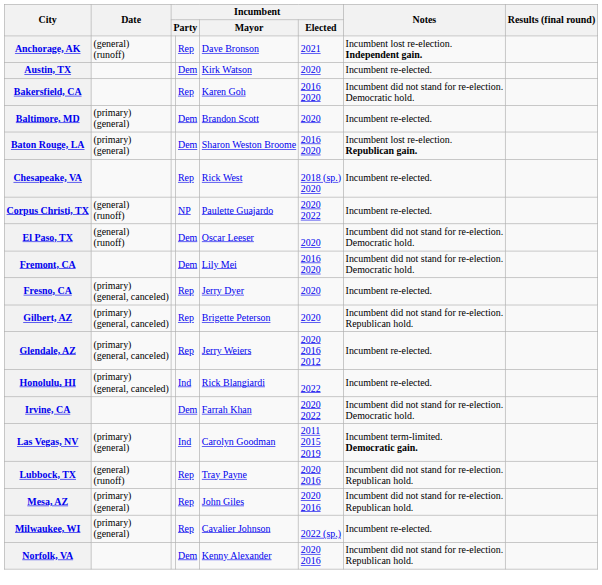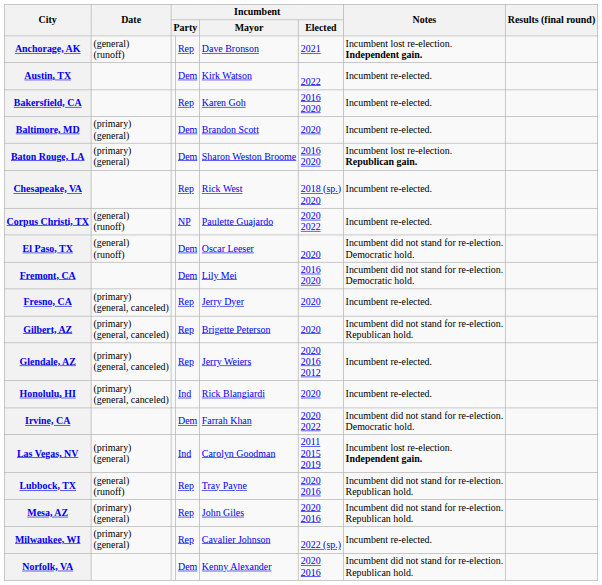 <table class="wikitable sortable">
 <tr>
 <th rowspan="2">City</th>
 <th rowspan="2">Date</th>
 <th colspan=4>Incumbent</th>
 <th rowspan="2">Notes</th>
 <th rowspan="2">Results (final round)</th>
 </tr>
 <tr>
 <th colspan=2 align="center">Party</th>
 <th align="center">Mayor</th>
 <th align="center">Elected</th>
 </tr>
 <tr>
 <th><a href='#'>Anchorage, AK</a></th>
 <td> (general)<br> (runoff)</td>
 <td style="background-color:"></td>
 <td><a href='#'>Rep</a></td>
 <td><a href='#'>Dave Bronson</a></td>
 <td><a href='#'>2021</a></td>
 <td>Incumbent lost re-election.<br><strong>Independent gain.</strong></td>
 <td Nowrap></td>
 </tr>
 <tr>
 <th><a href='#'>Austin, TX</a></th>
 <td></td>
 <td style="background-color:"></td>
 <td><a href='#'>Dem</a></td>
 <td><a href='#'>Kirk Watson</a></td>
-<td><a href='#'>2020</a></td>
+<td><br><a href='#'>2022</a></td>
 <td>Incumbent re-elected.</td>
 <td Nowrap></td>
 </tr>
 <tr>
 <th><a href='#'>Bakersfield, CA</a></th>
 <td></td>
 <td style="background-color:"></td>
 <td><a href='#'>Rep</a></td>
 <td><a href='#'>Karen Goh</a></td>
 <td><a href='#'>2016</a><br><a href='#'>2020</a></td>
-<td>Incumbent did not stand for re-election.<br>Democratic hold.</td>
+<td>Incumbent re-elected.</td>
 <td Nowrap></td>
 </tr>
 <tr>
 <th><a href='#'>Baltimore, MD</a></th>
 <td> (primary)<br> (general)</td>
 <td style="background-color:"></td>
 <td><a href='#'>Dem</a></td>
 <td><a href='#'>Brandon Scott</a></td>
 <td><a href='#'>2020</a></td>
 <td>Incumbent re-elected.</td>
 <td Nowrap></td>
 </tr>
 <tr>
 <th><a href='#'>Baton Rouge, LA</a></th>
 <td> (primary)<br> (general)</td>
 <td style="background-color:"></td>
 <td><a href='#'>Dem</a></td>
 <td><a href='#'>Sharon Weston Broome</a></td>
 <td><a href='#'>2016</a><br><a href='#'>2020</a></td>
 <td>Incumbent lost re-election.<br><strong>Republican gain.</strong></td>
 <td Nowrap></td>
 </tr>
 <tr>
 <th><a href='#'>Chesapeake, VA</a></th>
 <td></td>
 <td style="background-color:"></td>
 <td><a href='#'>Rep</a></td>
 <td><a href='#'>Rick West</a></td>
 <td><br><a href='#'>2018 (sp.)</a><br><a href='#'>2020</a></td>
 <td>Incumbent re-elected.</td>
 <td Nowrap></td>
 </tr>
 <tr>
 <th><a href='#'>Corpus Christi, TX</a></th>
 <td> (general)<br> (runoff)</td>
 <td style="background-color:"></td>
 <td><a href='#'>NP</a></td>
 <td><a href='#'>Paulette Guajardo</a></td>
 <td><a href='#'>2020</a><br><a href='#'>2022</a></td>
 <td>Incumbent re-elected.</td>
 <td Nowrap></td>
 </tr>
 <tr>
 <th><a href='#'>El Paso, TX</a></th>
 <td> (general)<br> (runoff)</td>
 <td style="background-color:"></td>
 <td><a href='#'>Dem</a></td>
 <td><a href='#'>Oscar Leeser</a></td>
 <td><br><a href='#'>2020</a></td>
 <td>Incumbent did not stand for re-election.<br>Democratic hold.</td>
 <td Nowrap></td>
 </tr>
 <tr>
 <th><a href='#'>Fremont, CA</a></th>
 <td></td>
 <td style="background-color:"></td>
 <td><a href='#'>Dem</a></td>
 <td><a href='#'>Lily Mei</a></td>
 <td><a href='#'>2016</a><br><a href='#'>2020</a></td>
 <td>Incumbent did not stand for re-election.<br>Democratic hold.</td>
 <td Nowrap></td>
 </tr>
 <tr>
 <th><a href='#'>Fresno, CA</a></th>
 <td> (primary)<br> (general, canceled)</td>
 <td style="background-color:"></td>
 <td><a href='#'>Rep</a></td>
 <td><a href='#'>Jerry Dyer</a></td>
 <td><a href='#'>2020</a></td>
 <td>Incumbent re-elected.</td>
 <td Nowrap></td>
 </tr>
 <tr>
 <th><a href='#'>Gilbert, AZ</a></th>
 <td> (primary)<br> (general, canceled)</td>
 <td style="background-color:"></td>
 <td><a href='#'>Rep</a></td>
 <td><a href='#'>Brigette Peterson</a></td>
 <td><a href='#'>2020</a></td>
 <td>Incumbent did not stand for re-election.<br>Republican hold.</td>
 <td Nowrap></td>
 </tr>
 <tr>
 <th><a href='#'>Glendale, AZ</a></th>
 <td> (primary)<br> (general, canceled)</td>
 <td style="background-color:"></td>
 <td><a href='#'>Rep</a></td>
 <td><a href='#'>Jerry Weiers</a></td>
 <td><a href='#'>2020</a><br><a href='#'>2016</a><br><a href='#'>2012</a></td>
 <td>Incumbent re-elected.</td>
 <td Nowrap></td>
 </tr>
 <tr>
 <th><a href='#'>Honolulu, HI</a></th>
 <td> (primary)<br> (general, canceled)</td>
 <td style="background-color:"></td>
 <td><a href='#'>Ind</a></td>
 <td><a href='#'>Rick Blangiardi</a></td>
-<td><br><a href='#'>2022</a></td>
+<td><a href='#'>2020</a></td>
 <td>Incumbent re-elected.</td>
 <td Nowrap></td>
 </tr>
 <tr>
 <th><a href='#'>Irvine, CA</a></th>
 <td></td>
 <td style="background-color:"></td>
 <td><a href='#'>Dem</a></td>
 <td><a href='#'>Farrah Khan</a></td>
 <td><a href='#'>2020</a><br><a href='#'>2022</a></td>
 <td>Incumbent did not stand for re-election.<br>Democratic hold.</td>
 <td Nowrap></td>
 </tr>
 <tr>
 <th><a href='#'>Las Vegas, NV</a></th>
 <td> (primary)<br> (general)</td>
 <td style="background-color:"></td>
 <td><a href='#'>Ind</a></td>
 <td><a href='#'>Carolyn Goodman</a></td>
 <td><a href='#'>2011</a><br><a href='#'>2015</a><br><a href='#'>2019</a></td>
-<td>Incumbent term-limited.<br><strong>Democratic gain.</strong></td>
+<td>Incumbent lost re-election.<br><strong>Independent gain.</strong></td>
 <td Nowrap></td>
 </tr>
 <tr>
 <th><a href='#'>Lubbock, TX</a></th>
 <td> (general)<br> (runoff)</td>
 <td style="background-color:"></td>
 <td><a href='#'>Rep</a></td>
 <td><a href='#'>Tray Payne</a></td>
 <td><a href='#'>2020</a><br><a href='#'>2016</a></td>
 <td>Incumbent did not stand for re-election.<br>Republican hold.</td>
 <td Nowrap></td>
 </tr>
 <tr>
 <th><a href='#'>Mesa, AZ</a></th>
 <td> (primary)<br> (general)</td>
 <td style="background-color:"></td>
 <td><a href='#'>Rep</a></td>
 <td><a href='#'>John Giles</a></td>
 <td><a href='#'>2020</a><br><a href='#'>2016</a></td>
 <td>Incumbent did not stand for re-election.<br>Republican hold.</td>
 <td Nowrap></td>
 </tr>
 <tr>
 <th><a href='#'>Milwaukee, WI</a></th>
 <td> (primary)<br> (general)</td>
 <td style="background-color:"></td>
 <td><a href='#'>Rep</a></td>
 <td><a href='#'>Cavalier Johnson</a></td>
 <td><br><a href='#'>2022 (sp.)</a></td>
 <td>Incumbent re-elected.</td>
 <td Nowrap></td>
 </tr>
 <tr>
 <th><a href='#'>Norfolk, VA</a></th>
 <td></td>
 <td style="background-color:"></td>
 <td><a href='#'>Dem</a></td>
 <td><a href='#'>Kenny Alexander</a></td>
 <td><a href='#'>2020</a><br><a href='#'>2016</a></td>
 <td>Incumbent did not stand for re-election.<br>Republican hold.</td>
 <td Nowrap></td>
 </tr>
 </table>
